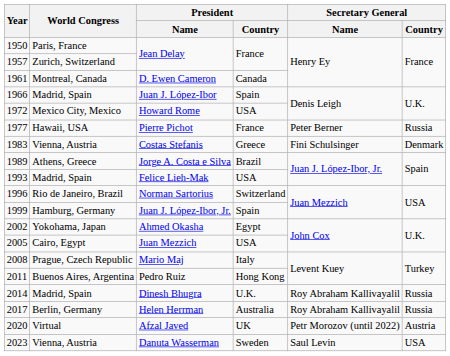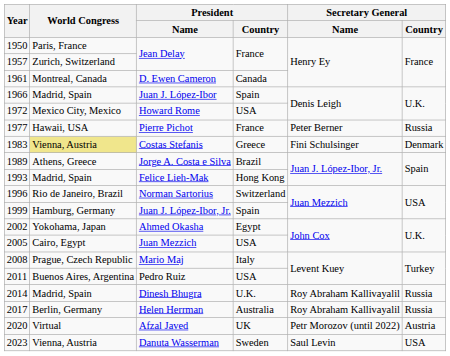 <table class="wikitable sortable">
 <tr>
 <th scope="col" rowspan="2">Year</th>
 <th scope="col" rowspan="2">World Congress</th>
 <th scope="colgroup" colspan="2">President</th>
 <th scope="colgroup" colspan="2">Secretary General</th>
 </tr>
 <tr>
 <th scope="col">Name</th>
 <th scope="col">Country</th>
 <th scope="col">Name</th>
 <th scope="col">Country</th>
 </tr>
 <tr>
 <td>1950</td>
 <td data-sort-value="France, Paris">Paris, France</td>
 <td rowspan="2" data-sort-value="Delay, Jean"><a href='#'>Jean Delay</a></td>
 <td rowspan="2">France</td>
 <td rowspan="3" data-sort-value="Ey, Henry">Henry Ey</td>
 <td rowspan="3">France</td>
 </tr>
 <tr>
 <td>1957</td>
 <td data-sort-value="Switzerland, Zurich">Zurich, Switzerland<br>   </td>
 </tr>
 <tr>
 <td>1961</td>
 <td data-sort-value="Canada, Montreal">Montreal, Canada</td>
 <td data-sort-value="Cameron, D. Ewen"><a href='#'>D. Ewen Cameron</a></td>
 <td>Canada<br> </td>
 </tr>
 <tr>
 <td>1966</td>
 <td data-sort-value="Spain, Madrid">Madrid, Spain</td>
 <td data-sort-value="López-Ibor, Juan J."><a href='#'>Juan J. López-Ibor</a></td>
 <td>Spain</td>
 <td rowspan="2" data-sort-value="Leigh, Denis">Denis Leigh</td>
 <td rowspan="2" data-sort-value="United Kingdom">U.K.</td>
 </tr>
 <tr>
 <td>1972</td>
 <td data-sort-value="Mexico, Mexico City">Mexico City, Mexico</td>
 <td data-sort-value="Rome, Howard"><a href='#'>Howard Rome</a></td>
 <td data-sort-value="United States">USA<br> </td>
 </tr>
 <tr>
 <td>1977</td>
 <td data-sort-value="United States, Hawaii">Hawaii, USA</td>
 <td data-sort-value="Pichot, Pierre"><a href='#'>Pierre Pichot</a></td>
 <td>France</td>
 <td data-sort-value="Berner, Peter">Peter Berner</td>
 <td>Russia</td>
 </tr>
 <tr>
 <td>1983</td>
-<td data-sort-value="Austria, Vienna">Vienna, Austria</td>
+<td data-sort-value="Austria, Vienna" style="background: khaki;">Vienna, Austria</td>
 <td data-sort-value="Stefanis, Costas"><a href='#'>Costas Stefanis</a></td>
 <td>Greece</td>
 <td data-sort-value="Schulsinger, Fini">Fini Schulsinger</td>
 <td>Denmark</td>
 </tr>
 <tr>
 <td>1989</td>
 <td data-sort-value="Greece, Athens">Athens, Greece</td>
 <td data-sort-value="Costa e Silva, Jorge A."><a href='#'>Jorge A. Costa e Silva</a></td>
 <td>Brazil</td>
 <td rowspan="2" data-sort-value="López-Ibor, Juan J., Jr."><a href='#'>Juan J. López-Ibor, Jr.</a></td>
 <td rowspan="2">Spain</td>
 </tr>
 <tr>
 <td>1993</td>
 <td data-sort-value="Spain, Madrid">Madrid, Spain</td>
 <td data-sort-value="Lieh-Mak, Felice"><a href='#'>Felice Lieh-Mak</a></td>
-<td data-sort-value="United States">USA<br> </td>
+<td>Hong Kong<br> </td>
 </tr>
 <tr>
 <td>1996</td>
 <td data-sort-value="Brazil, Rio de Janeiro">Rio de Janeiro, Brazil</td>
 <td data-sort-value="Sartorius, Norman"><a href='#'>Norman Sartorius</a></td>
 <td>Switzerland</td>
 <td rowspan="2" data-sort-value="Mezzich, Juan"><a href='#'>Juan Mezzich</a></td>
 <td rowspan="2" data-sort-value="United States">USA</td>
 </tr>
 <tr>
 <td>1999</td>
 <td data-sort-value="Germany, Hamburg">Hamburg, Germany</td>
 <td data-sort-value="López-Ibor, Juan J."><a href='#'>Juan J. López-Ibor, Jr.</a></td>
 <td>Spain<br> </td>
 </tr>
 <tr>
 <td>2002</td>
 <td data-sort-value="Japan, Yokohama">Yokohama, Japan</td>
 <td data-sort-value="Okasha, Ahmed"><a href='#'>Ahmed Okasha</a></td>
 <td>Egypt</td>
 <td rowspan="2" data-sort-value="Cox, John"><a href='#'>John Cox</a></td>
 <td rowspan="2" data-sort-value="United Kingdom">U.K.</td>
 </tr>
 <tr>
 <td>2005</td>
 <td data-sort-value="Egypt, Cairo">Cairo, Egypt</td>
 <td data-sort-value="Mezzich, Juan"><a href='#'>Juan Mezzich</a></td>
 <td data-sort-value="United States">USA<br> </td>
 </tr>
 <tr>
 <td>2008</td>
 <td data-sort-value="Czech Republic, Prague">Prague, Czech Republic</td>
 <td data-sort-value="Maj, Mario"><a href='#'>Mario Maj</a></td>
 <td>Italy</td>
 <td rowspan="2" data-sort-value="Kuey, Levent">Levent Kuey</td>
 <td rowspan="2">Turkey</td>
 </tr>
 <tr>
 <td>2011</td>
 <td data-sort-value="Argentina, Buenos Aires">Buenos Aires, Argentina</td>
 <td data-sort-value="Ruiz, Pedro">Pedro Ruiz</td>
-<td>Hong Kong<br> </td>
+<td data-sort-value="United States">USA<br> </td>
 </tr>
 <tr>
 <td>2014</td>
 <td data-sort-value="Spain, Madrid">Madrid, Spain</td>
 <td data-sort-value="Bhugra, Dinesh"><a href='#'>Dinesh Bhugra</a></td>
 <td data-sort-value="United Kingdom">U.K.</td>
 <td data-sort-value="Kallivayalil, Roy Abraham">Roy Abraham Kallivayalil</td>
 <td>Russia</td>
 </tr>
 <tr>
 <td>2017</td>
 <td data-sort-value="Germany, Berlin">Berlin, Germany</td>
 <td data-sort-value="Herrman, Helen"><a href='#'>Helen Herrman</a></td>
 <td>Australia</td>
 <td data-sort-value="Kallivayalil, Roy Abraham">Roy Abraham Kallivayalil</td>
 <td>Russia</td>
 </tr>
 <tr>
 <td>2020</td>
 <td data-sort-value="Virtual">Virtual</td>
 <td data-sort-value="Javed, Afzal"><a href='#'>Afzal Javed</a></td>
 <td>UK</td>
 <td data-sort-value="Morozov, Petr">Petr Morozov (until 2022)</td>
 <td>Austria</td>
 </tr>
 <tr>
 <td>2023</td>
 <td data-sort-value="Vienna, Austria">Vienna, Austria</td>
 <td data-sort-value="Wasserman, Danuta"><a href='#'>Danuta Wasserman</a></td>
 <td>Sweden</td>
 <td data-sort-value="Levin, Saul">Saul Levin</td>
 <td>USA</td>
 </tr>
 </table>
